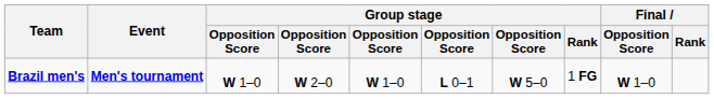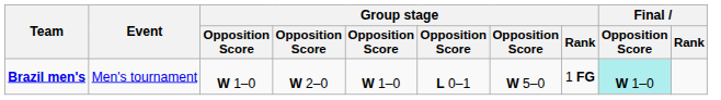 <table class="wikitable" style="font-size:90%;text-align:center">
 <tr>
 <th rowspan="2">Team</th>
 <th rowspan="2">Event</th>
 <th colspan="6">Group stage</th>
 <th colspan="2">Final / </th>
 </tr>
 <tr style="font-size:95%">
 <th>Opposition<br>Score</th>
 <th>Opposition<br>Score</th>
 <th>Opposition<br>Score</th>
 <th>Opposition<br>Score</th>
 <th>Opposition<br>Score</th>
 <th>Rank</th>
 <th>Opposition<br>Score</th>
 <th>Rank</th>
 </tr>
 <tr>
 <td align=left><strong><a href='#'>Brazil men's</a></strong></td>
-<td align=left><strong><a href='#'>Men's tournament</a></strong></td>
+<td align=left><a href='#'>Men's tournament</a></td>
 <td><br><strong>W</strong> 1–0</td>
 <td><br><strong>W</strong> 2–0</td>
 <td><br><strong>W</strong> 1–0</td>
 <td><br><strong>L</strong> 0–1</td>
 <td><br><strong>W</strong> 5–0</td>
 <td>1 <strong>FG</strong></td>
-<td><br><strong>W</strong> 1–0</td>
+<td style="background: paleturquoise;"><br><strong>W</strong> 1–0</td>
 <td></td>
 </tr>
 </table>
